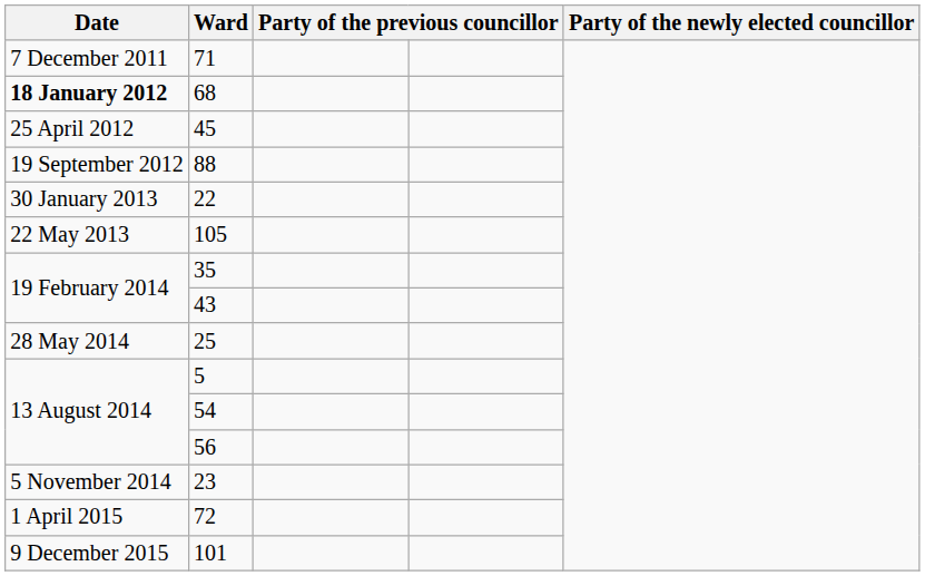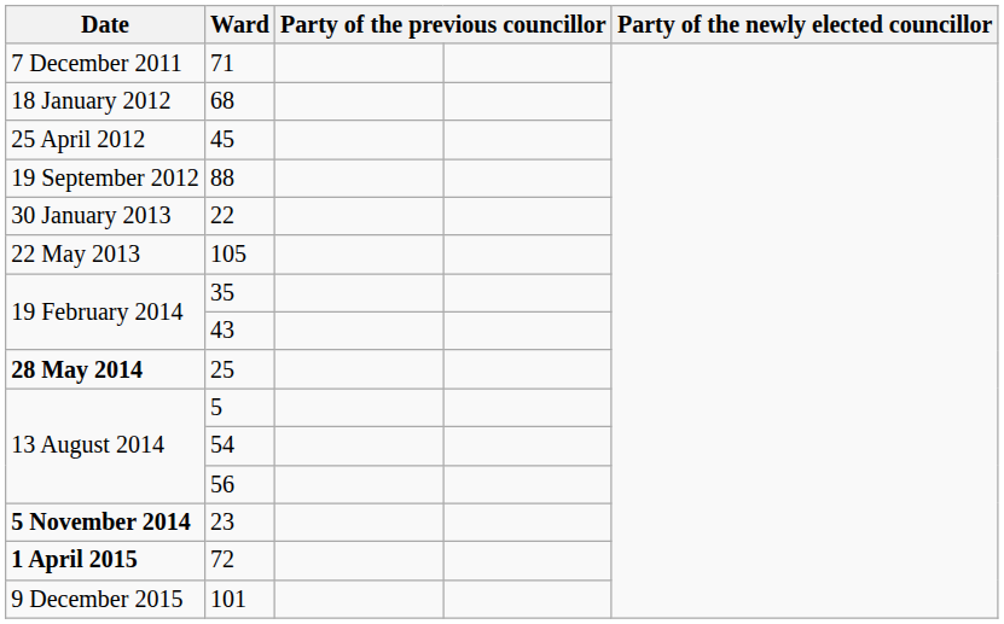 <table class="wikitable">
 <tr>
 <th>Date</th>
 <th>Ward</th>
 <th colspan=2>Party of the previous councillor</th>
 <th colspan=2>Party of the newly elected councillor</th>
 </tr>
 <tr>
 <td>7 December 2011</td>
 <td>71</td>
 <td></td>
 <td></td>
 </tr>
 <tr>
-<td><strong>18 January 2012</strong></td>
+<td>18 January 2012</td>
 <td>68</td>
 <td></td>
 <td></td>
 </tr>
 <tr>
 <td>25 April 2012</td>
 <td>45</td>
 <td></td>
 <td></td>
 </tr>
 <tr>
 <td>19 September 2012</td>
 <td>88</td>
 <td></td>
 <td></td>
 </tr>
 <tr>
 <td>30 January 2013</td>
 <td>22</td>
 <td></td>
 <td></td>
 </tr>
 <tr>
 <td>22 May 2013</td>
 <td>105</td>
 <td></td>
 <td></td>
 </tr>
 <tr>
 <td rowspan=2>19 February 2014</td>
 <td>35</td>
 <td></td>
 <td></td>
 </tr>
 <tr>
 <td>43</td>
 <td></td>
 <td></td>
 </tr>
 <tr>
-<td>28 May 2014</td>
+<td><strong>28 May 2014</strong></td>
 <td>25</td>
 <td></td>
 <td></td>
 </tr>
 <tr>
 <td rowspan=3>13 August 2014</td>
 <td>5</td>
 <td></td>
 <td></td>
 </tr>
 <tr>
 <td>54</td>
 <td></td>
 <td></td>
 </tr>
 <tr>
 <td>56</td>
 <td></td>
 <td></td>
 </tr>
 <tr>
-<td>5 November 2014</td>
+<td><strong>5 November 2014</strong></td>
 <td>23</td>
 <td></td>
 <td></td>
 </tr>
 <tr>
-<td>1 April 2015</td>
+<td><strong>1 April 2015</strong></td>
 <td>72</td>
 <td></td>
 <td></td>
 </tr>
 <tr>
 <td>9 December 2015</td>
 <td>101</td>
 <td></td>
 <td></td>
 </tr>
 </table>
